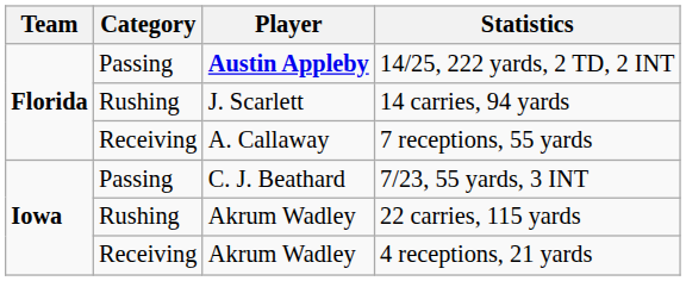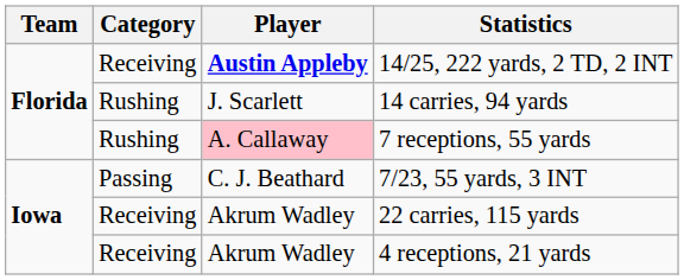 <table class="wikitable" style="float: left;">
 <tr>
 <th>Team</th>
 <th>Category</th>
 <th>Player</th>
 <th>Statistics</th>
 </tr>
 <tr>
 <td rowspan=3><strong>Florida</strong></td>
-<td>Passing</td>
+<td>Receiving</td>
 <td><strong><a href='#'>Austin Appleby</a></strong></td>
 <td>14/25, 222 yards, 2 TD, 2 INT</td>
 </tr>
 <tr>
 <td>Rushing</td>
 <td>J. Scarlett</td>
 <td>14 carries, 94 yards</td>
 </tr>
 <tr>
-<td>Receiving</td>
-<td>A. Callaway</td>
+<td>Rushing</td>
+<td style="background: pink;">A. Callaway</td>
 <td>7 receptions, 55 yards</td>
 </tr>
 <tr>
 <td rowspan=3><strong>Iowa</strong></td>
 <td>Passing</td>
 <td>C. J. Beathard</td>
 <td>7/23, 55 yards, 3 INT</td>
 </tr>
 <tr>
-<td>Rushing</td>
+<td>Receiving</td>
 <td>Akrum Wadley</td>
 <td>22 carries, 115 yards</td>
 </tr>
 <tr>
 <td>Receiving</td>
 <td>Akrum Wadley</td>
 <td>4 receptions, 21 yards</td>
 </tr>
 </table>
